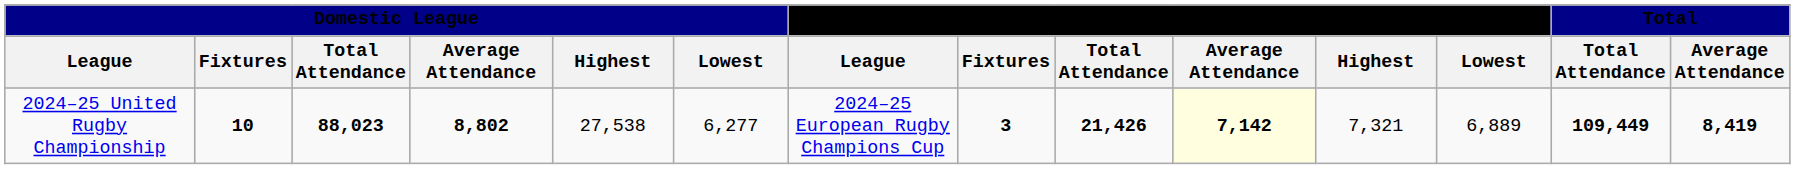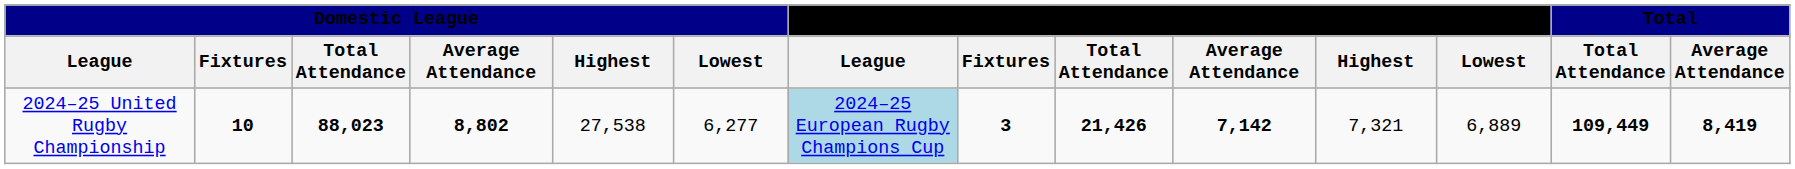 <table class="wikitable sortable" style="font-size:90%; width:90%;">
 <tr>
 <td colspan="6" class="wikitable sortable" style="width:45%; background:#000088; text-align:center;"><span><strong>Domestic League</strong></span></td>
 <td colspan="6" class="wikitable sortable" style="width:45%; background:#000000; text-align:center;"><span><strong>European Cup</strong></span></td>
 <td colspan="2" class="wikitable sortable" style="width:45%; background:#000088; text-align:center;"><span><strong>Total</strong></span></td>
 </tr>
 <tr>
 <th style="width:15%;">League</th>
 <th style="width:5%;">Fixtures</th>
 <th>Total Attendance</th>
 <th style="width:10%;">Average Attendance</th>
 <th style="width:10%;">Highest</th>
 <th style="width:10%;">Lowest</th>
 <th style="width:15%;">League</th>
 <th style="width:5%;">Fixtures</th>
 <th>Total Attendance</th>
 <th style="width:10%;">Average Attendance</th>
 <th style="width:10%;">Highest</th>
 <th style="width:10%;">Lowest</th>
 <th style="width:10%;">Total Attendance</th>
 <th style="width:10%;">Average Attendance</th>
 </tr>
 <tr>
 <td align=center><a href='#'>2024–25 United Rugby Championship</a></td>
 <td align=center><strong>10</strong></td>
 <td align="center"><strong>88,023</strong></td>
 <td align="center"><strong>8,802</strong></td>
 <td align="center">27,538</td>
 <td align=center>6,277</td>
-<td align=center><a href='#'>2024–25 European Rugby Champions Cup</a></td>
+<td align=center style="background: lightblue;"><a href='#'>2024–25 European Rugby Champions Cup</a></td>
 <td align=center><strong>3</strong></td>
 <td align="center"><strong>21,426</strong></td>
-<td align="center" style="background: lightyellow;"><strong>7,142</strong></td>
+<td align="center"><strong>7,142</strong></td>
 <td align=center>7,321</td>
 <td align=center>6,889</td>
 <td align=center><strong>109,449</strong></td>
 <td align=center><strong>8,419</strong></td>
 </tr>
 </table>
